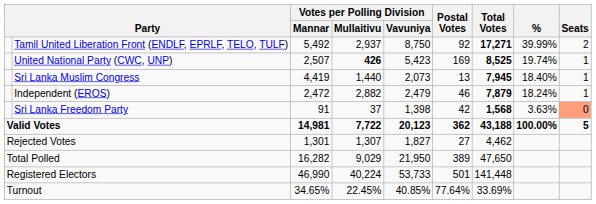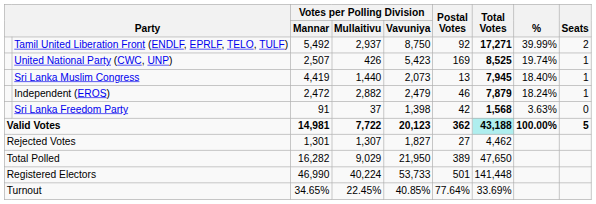 <table class="wikitable" border="1" style="text-align:right;">
 <tr>
 <th align=left valign=bottom rowspan=2 colspan=2>Party</th>
 <th colspan=3>Votes per Polling Division</th>
 <th align=center valign=bottom rowspan=2 width="50">Postal<br>Votes</th>
 <th align=center valign=bottom rowspan=2 width="50">Total Votes</th>
 <th align=center valign=bottom rowspan=2 width="50">%</th>
 <th align=center valign=bottom rowspan=2 width="40">Seats</th>
 </tr>
 <tr>
 <th align=center valign=bottom width="50">Mannar</th>
 <th align=center valign=bottom width="50">Mullaitivu</th>
 <th align=center valign=bottom width="50">Vavuniya</th>
 </tr>
 <tr>
 <td bgcolor=> </td>
 <td align=left><a href='#'>Tamil United Liberation Front</a> (<a href='#'>ENDLF</a>, <a href='#'>EPRLF</a>, <a href='#'>TELO</a>, <a href='#'>TULF</a>)</td>
 <td>5,492</td>
 <td>2,937</td>
 <td>8,750</td>
 <td>92</td>
 <td><strong>17,271</strong></td>
 <td>39.99%</td>
 <td>2</td>
 </tr>
 <tr>
 <td bgcolor=> </td>
 <td align=left><a href='#'>United National Party</a> (<a href='#'>CWC</a>, <a href='#'>UNP</a>)</td>
 <td>2,507</td>
-<td><strong>426</strong></td>
+<td>426</td>
 <td>5,423</td>
 <td>169</td>
 <td><strong>8,525</strong></td>
 <td>19.74%</td>
 <td>1</td>
 </tr>
 <tr>
 <td bgcolor=> </td>
 <td align=left><a href='#'>Sri Lanka Muslim Congress</a></td>
 <td>4,419</td>
 <td>1,440</td>
 <td>2,073</td>
 <td>13</td>
 <td><strong>7,945</strong></td>
 <td>18.40%</td>
 <td>1</td>
 </tr>
 <tr>
 <td bgcolor=> </td>
 <td align=left>Independent (<a href='#'>EROS</a>)</td>
 <td>2,472</td>
 <td>2,882</td>
 <td>2,479</td>
 <td>46</td>
 <td><strong>7,879</strong></td>
 <td>18.24%</td>
 <td>1</td>
 </tr>
 <tr>
 <td bgcolor=> </td>
 <td align=left><a href='#'>Sri Lanka Freedom Party</a></td>
 <td>91</td>
 <td>37</td>
 <td>1,398</td>
 <td>42</td>
 <td><strong>1,568</strong></td>
 <td>3.63%</td>
-<td style="background: lightsalmon;">0</td>
+<td>0</td>
 </tr>
 <tr>
 <td align=left colspan=2><strong>Valid Votes</strong></td>
 <td><strong>14,981</strong></td>
 <td><strong>7,722</strong></td>
 <td><strong>20,123</strong></td>
 <td><strong>362</strong></td>
-<td><strong>43,188</strong></td>
+<td style="background: paleturquoise;"><strong>43,188</strong></td>
 <td><strong>100.00%</strong></td>
 <td><strong>5</strong></td>
 </tr>
 <tr>
 <td align=left colspan=2>Rejected Votes</td>
 <td>1,301</td>
 <td>1,307</td>
 <td>1,827</td>
 <td>27</td>
 <td>4,462</td>
 <td></td>
 <td></td>
 </tr>
 <tr>
 <td align=left colspan=2>Total Polled</td>
 <td>16,282</td>
 <td>9,029</td>
 <td>21,950</td>
 <td>389</td>
 <td>47,650</td>
 <td></td>
 <td></td>
 </tr>
 <tr>
 <td align=left colspan=2>Registered Electors</td>
 <td>46,990</td>
 <td>40,224</td>
 <td>53,733</td>
 <td>501</td>
 <td>141,448</td>
 <td></td>
 <td></td>
 </tr>
 <tr>
 <td align=left colspan=2>Turnout</td>
 <td>34.65%</td>
 <td>22.45%</td>
 <td>40.85%</td>
 <td>77.64%</td>
 <td>33.69%</td>
 <td></td>
 <td></td>
 </tr>
 </table>
